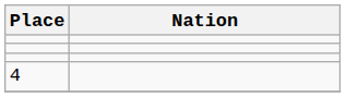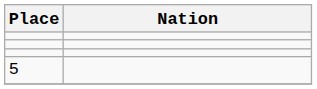 <table class=wikitable style=text-align:left>
 <tr>
 <th width=35>Place</th>
 <th width=185>Nation</th>
 </tr>
 <tr>
 <td></td>
 <td style=text-align:left></td>
 </tr>
 <tr>
 <td></td>
 <td style=text-align:left></td>
 </tr>
 <tr>
 <td></td>
 <td style=text-align:left></td>
 </tr>
 <tr>
-<td style=text-align:left>4</td>
+<td style=text-align:left>5</td>
 <td></td>
 </tr>
 <tr>
 </tr>
 </table>
